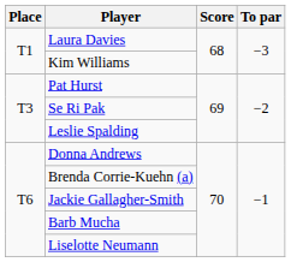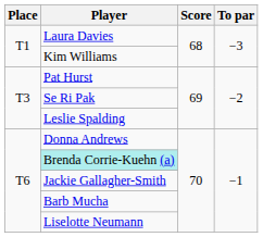 <table class="wikitable">
 <tr>
 <th>Place</th>
 <th>Player</th>
 <th>Score</th>
 <th>To par</th>
 </tr>
 <tr>
 <td align=center rowspan=2>T1</td>
 <td> <a href='#'>Laura Davies</a></td>
 <td align=center rowspan=2>68</td>
 <td align=center rowspan=2>−3</td>
 </tr>
 <tr>
 <td> Kim Williams</td>
 </tr>
 <tr>
 <td align=center rowspan=3>T3</td>
 <td> <a href='#'>Pat Hurst</a></td>
 <td align=center rowspan=3>69</td>
 <td align=center rowspan=3>−2</td>
 </tr>
 <tr>
 <td> <a href='#'>Se Ri Pak</a></td>
 </tr>
 <tr>
 <td> <a href='#'>Leslie Spalding</a></td>
 </tr>
 <tr>
 <td align=center rowspan=5>T6</td>
 <td> <a href='#'>Donna Andrews</a></td>
 <td align=center rowspan=5>70</td>
 <td align=center rowspan=5>−1</td>
 </tr>
 <tr>
-<td> Brenda Corrie-Kuehn <a href='#'>(a)</a></td>
+<td style="background: paleturquoise;"> Brenda Corrie-Kuehn <a href='#'>(a)</a></td>
 </tr>
 <tr>
 <td> <a href='#'>Jackie Gallagher-Smith</a></td>
 </tr>
 <tr>
 <td> <a href='#'>Barb Mucha</a></td>
 </tr>
 <tr>
 <td> <a href='#'>Liselotte Neumann</a></td>
 </tr>
 </table>
